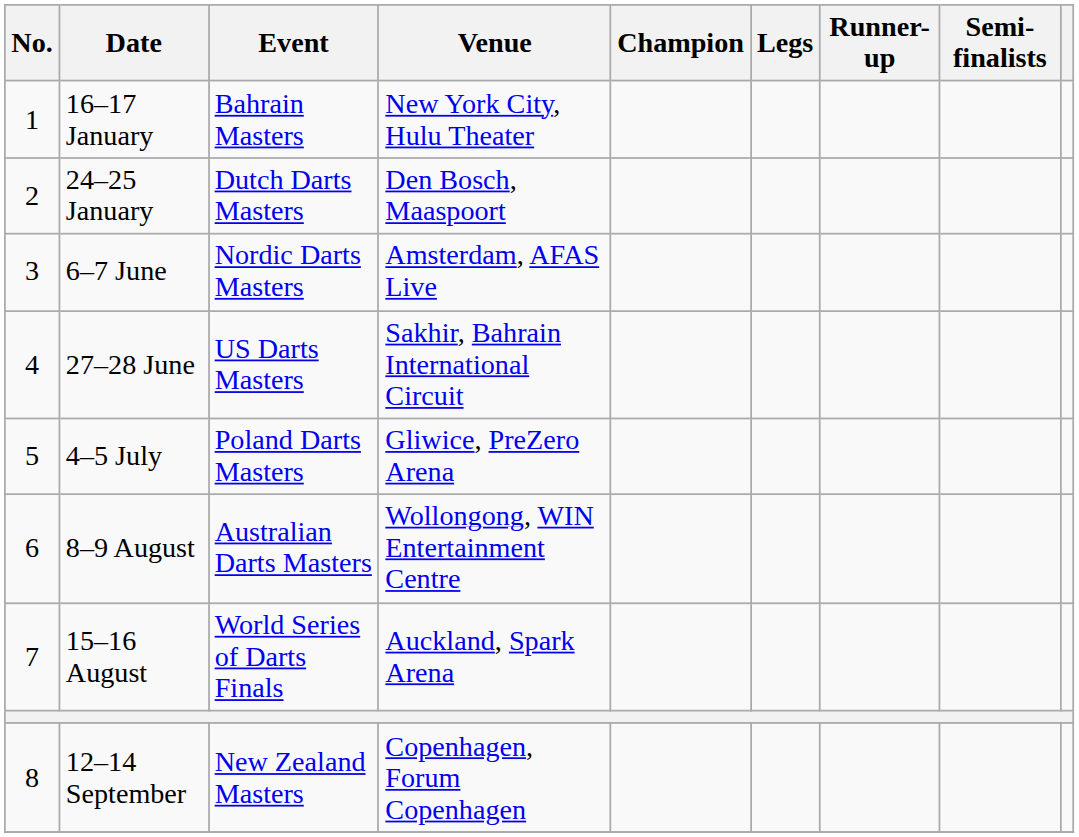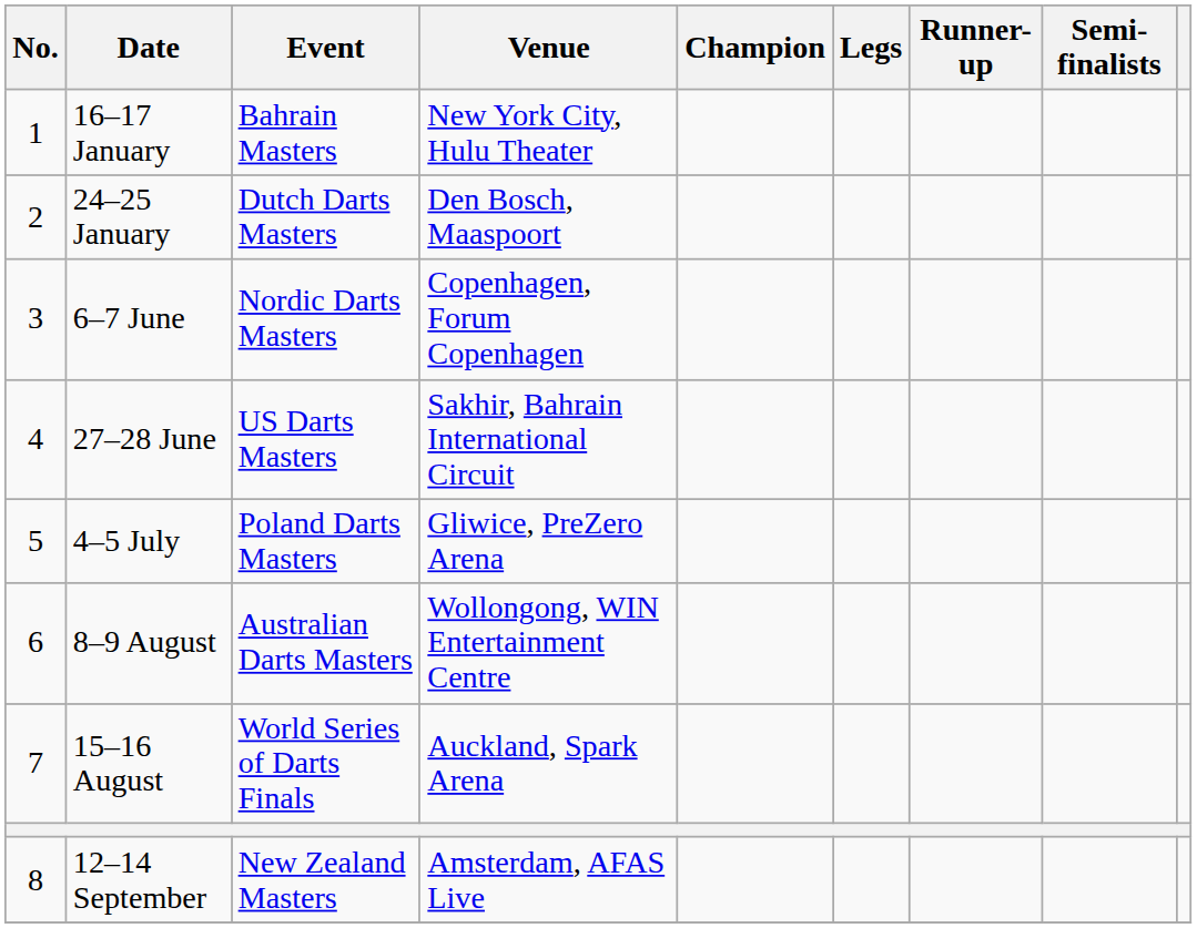 <table class="wikitable">
 <tr>
 <th>No.</th>
 <th>Date</th>
 <th>Event</th>
 <th>Venue</th>
 <th>Champion</th>
 <th>Legs</th>
 <th>Runner-up</th>
 <th>Semi-finalists</th>
 <th></th>
 </tr>
 <tr>
 <td align="center">1</td>
 <td align="left">16–17 January</td>
 <td><a href='#'>Bahrain Masters</a></td>
 <td> <a href='#'>New York City</a>, <a href='#'>Hulu Theater</a></td>
 <td align="right"></td>
 <td></td>
 <td></td>
 <td> <br> </td>
 <td align="center"></td>
 </tr>
 <tr>
 <td align="center">2</td>
 <td align="left">24–25 January</td>
 <td><a href='#'>Dutch Darts Masters</a></td>
 <td> <a href='#'>Den Bosch</a>, <a href='#'>Maaspoort</a></td>
 <td align="right"></td>
 <td></td>
 <td></td>
 <td> <br> </td>
 <td align="center"></td>
 </tr>
 <tr>
 <td align="center">3</td>
 <td align="left">6–7 June</td>
 <td><a href='#'>Nordic Darts Masters</a></td>
-<td> <a href='#'>Amsterdam</a>, <a href='#'>AFAS Live</a></td>
+<td> <a href='#'>Copenhagen</a>, <a href='#'>Forum Copenhagen</a></td>
 <td align="right"></td>
 <td></td>
 <td></td>
 <td> <br> </td>
 <td align="center"></td>
 </tr>
 <tr>
 <td align="center">4</td>
 <td align="left">27–28 June</td>
 <td><a href='#'>US Darts Masters</a></td>
 <td> <a href='#'>Sakhir</a>, <a href='#'>Bahrain International Circuit</a></td>
 <td align="right"></td>
 <td></td>
 <td></td>
 <td> <br> </td>
 <td align="center"></td>
 </tr>
 <tr>
 <td align="center">5</td>
 <td align="left">4–5 July</td>
 <td><a href='#'>Poland Darts Masters</a></td>
 <td> <a href='#'>Gliwice</a>, <a href='#'>PreZero Arena</a></td>
 <td align="right"></td>
 <td></td>
 <td></td>
 <td> <br> </td>
 <td align="center"></td>
 </tr>
 <tr>
 <td align="center">6</td>
 <td align="left">8–9 August</td>
 <td><a href='#'>Australian Darts Masters</a></td>
 <td> <a href='#'>Wollongong</a>, <a href='#'>WIN Entertainment Centre</a></td>
 <td align="right"></td>
 <td></td>
 <td></td>
 <td> <br> </td>
 <td align="center"></td>
 </tr>
 <tr>
 <td align="center">7</td>
 <td align="left">15–16 August</td>
 <td><a href='#'>World Series of Darts Finals</a></td>
 <td> <a href='#'>Auckland</a>, <a href='#'>Spark Arena</a></td>
 <td align="right"></td>
 <td></td>
 <td></td>
 <td> <br> </td>
 <td align="center"></td>
 </tr>
 <tr>
 <th colspan="9"></th>
 </tr>
 <tr>
 <td align="center">8</td>
 <td align="left">12–14 September</td>
 <td><a href='#'>New Zealand Masters</a></td>
-<td> <a href='#'>Copenhagen</a>, <a href='#'>Forum Copenhagen</a></td>
+<td> <a href='#'>Amsterdam</a>, <a href='#'>AFAS Live</a></td>
 <td align="right"></td>
 <td></td>
 <td></td>
 <td> <br> </td>
 <td align="center"></td>
 </tr>
 <tr>
 </tr>
 </table>
